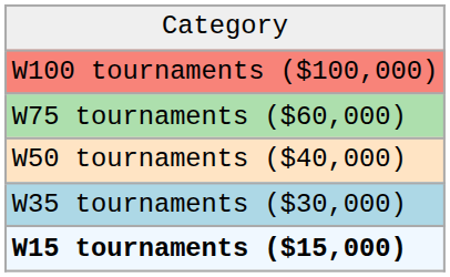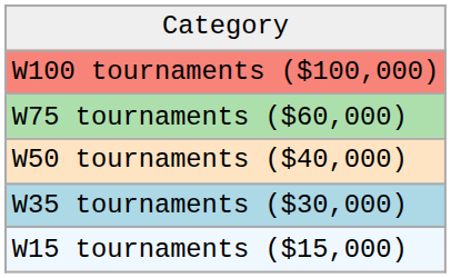 <table class=wikitable style=font-size:90%;>
 <tr align=center>
 <td style="background:#efefef;">Category</td>
 </tr>
 <tr style="background:#f88379;">
 <td>W100 tournaments ($100,000)</td>
 </tr>
 <tr style="background:#addfad;">
 <td>W75 tournaments ($60,000)</td>
 </tr>
 <tr style="background:#ffe4c4;">
 <td>W50 tournaments ($40,000)</td>
 </tr>
 <tr style="background:lightblue;">
 <td>W35 tournaments ($30,000)</td>
 </tr>
 <tr style="background:#f0f8ff;">
-<td><strong>W15 tournaments ($15,000)</strong></td>
+<td>W15 tournaments ($15,000)</td>
 </tr>
 </table>
